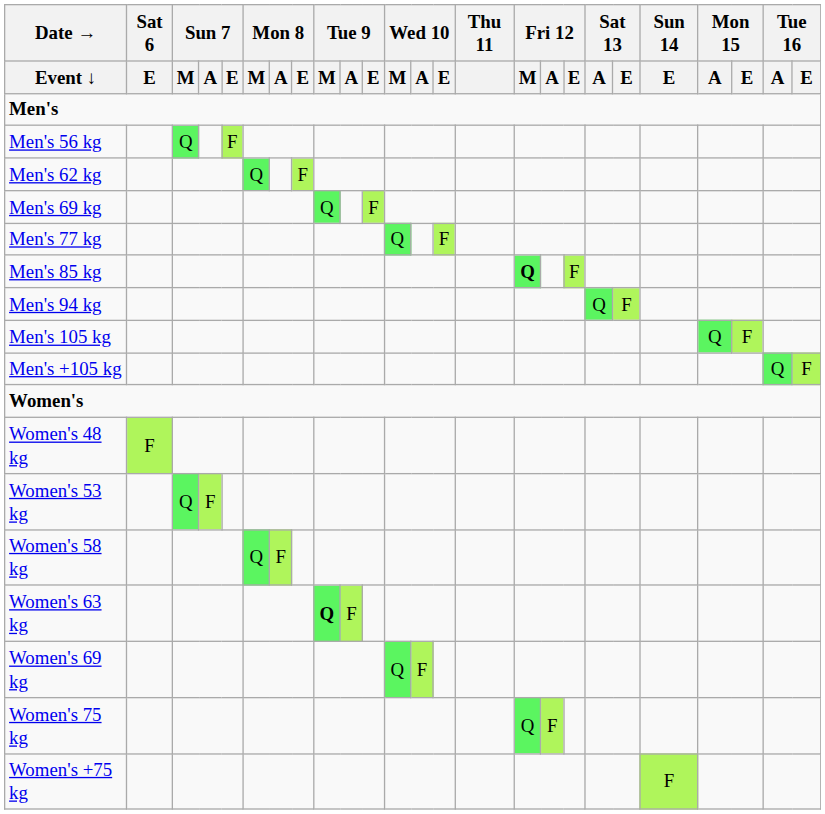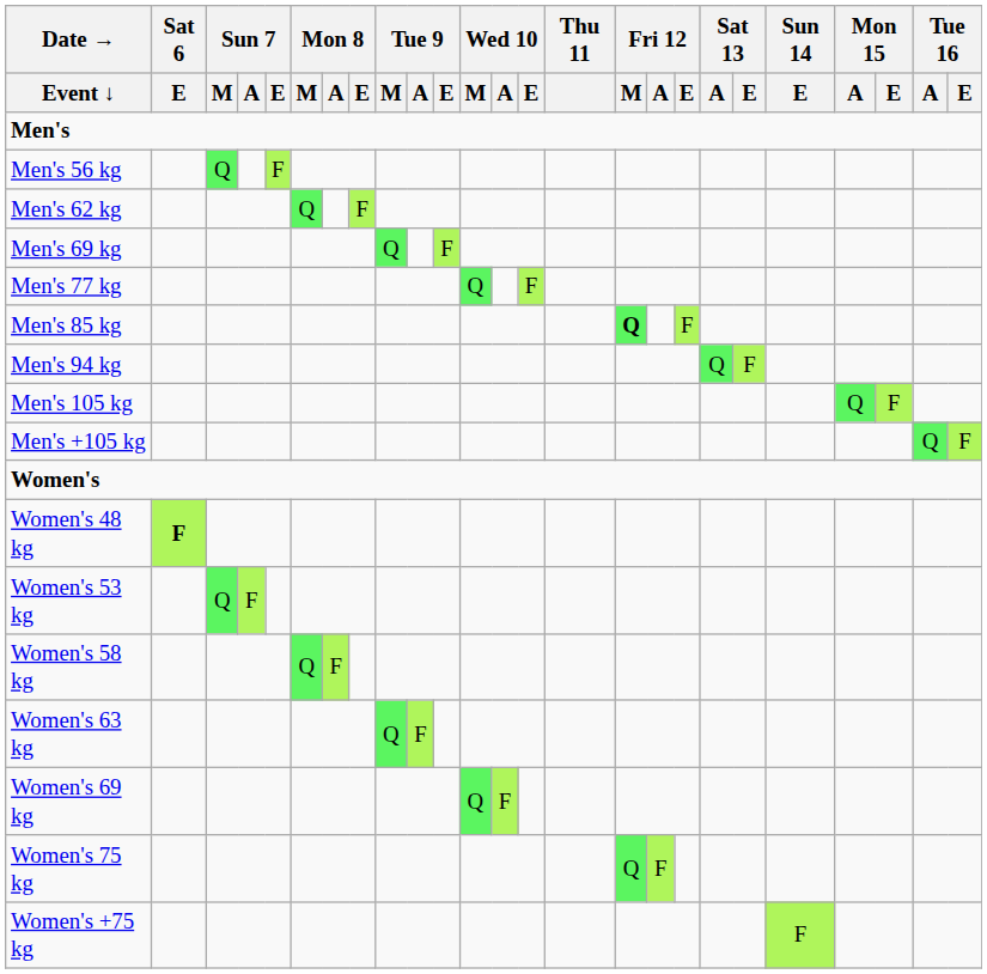 <table class="wikitable" style="margin:0.5em auto; font-size:90%; line-height:1.25em; text-align:center;">
 <tr>
 <th>Date →</th>
 <th>Sat 6</th>
 <th colspan="3">Sun 7</th>
 <th colspan="3">Mon 8</th>
 <th colspan="3">Tue 9</th>
 <th colspan="3">Wed 10</th>
 <th>Thu 11</th>
 <th colspan="3">Fri 12</th>
 <th colspan="2">Sat 13</th>
 <th>Sun 14</th>
 <th colspan="2">Mon 15</th>
 <th colspan="2">Tue 16</th>
 </tr>
 <tr>
 <th>Event   ↓</th>
 <th>E</th>
 <th>M</th>
 <th>A</th>
 <th>E</th>
 <th>M</th>
 <th>A</th>
 <th>E</th>
 <th>M</th>
 <th>A</th>
 <th>E</th>
 <th>M</th>
 <th>A</th>
 <th>E</th>
 <th></th>
 <th>M</th>
 <th>A</th>
 <th>E</th>
 <th>A</th>
 <th>E</th>
 <th>E</th>
 <th>A</th>
 <th>E</th>
 <th>A</th>
 <th>E</th>
 </tr>
 <tr>
 <td colspan="25" style="text-align:left;"><strong>Men's</strong></td>
 </tr>
 <tr>
 <td style="text-align:left;"><a href='#'>Men's 56 kg</a></td>
 <td></td>
 <td style="background-color:#5BF560;">Q</td>
 <td></td>
 <td style="background-color:#AFF55B;">F</td>
 <td colspan=3></td>
 <td colspan=3></td>
 <td colspan=3></td>
 <td></td>
 <td colspan="3"></td>
 <td colspan=2></td>
 <td></td>
 <td colspan=2></td>
 <td colspan=2></td>
 </tr>
 <tr>
 <td style="text-align:left;"><a href='#'>Men's 62 kg</a></td>
 <td></td>
 <td colspan=3></td>
 <td style="background-color:#5BF560;">Q</td>
 <td></td>
 <td style="background-color:#AFF55B;">F</td>
 <td colspan=3></td>
 <td colspan=3></td>
 <td></td>
 <td colspan="3"></td>
 <td colspan=2></td>
 <td></td>
 <td colspan=2></td>
 <td colspan=2></td>
 </tr>
 <tr>
 <td style="text-align:left;"><a href='#'>Men's 69 kg</a></td>
 <td></td>
 <td colspan=3></td>
 <td colspan=3></td>
 <td style="background-color:#5BF560;">Q</td>
 <td></td>
 <td style="background-color:#AFF55B;">F</td>
 <td colspan=3></td>
 <td></td>
 <td colspan="3"></td>
 <td colspan=2></td>
 <td></td>
 <td colspan=2></td>
 <td colspan=2></td>
 </tr>
 <tr>
 <td style="text-align:left;"><a href='#'>Men's 77 kg</a></td>
 <td></td>
 <td colspan=3></td>
 <td colspan=3></td>
 <td colspan=3></td>
 <td style="background-color:#5BF560;">Q</td>
 <td></td>
 <td style="background-color:#AFF55B;">F</td>
 <td></td>
 <td colspan="3"></td>
 <td colspan=2></td>
 <td></td>
 <td colspan=2></td>
 <td colspan=2></td>
 </tr>
 <tr>
 <td style="text-align:left;"><a href='#'>Men's 85 kg</a></td>
 <td></td>
 <td colspan=3></td>
 <td colspan=3></td>
 <td colspan=3></td>
 <td colspan=3></td>
 <td></td>
 <td style="background-color:#5BF560;"><strong>Q</strong></td>
 <td></td>
 <td style="background-color:#AFF55B;">F</td>
 <td colspan=2></td>
 <td></td>
 <td colspan=2></td>
 <td colspan=2></td>
 </tr>
 <tr>
 <td style="text-align:left;"><a href='#'>Men's 94 kg</a></td>
 <td></td>
 <td colspan=3></td>
 <td colspan=3></td>
 <td colspan=3></td>
 <td colspan=3></td>
 <td></td>
 <td colspan="3"></td>
 <td style="background-color:#5BF560;">Q</td>
 <td style="background-color:#AFF55B;">F</td>
 <td></td>
 <td colspan=2></td>
 <td colspan=2></td>
 </tr>
 <tr>
 <td style="text-align:left;"><a href='#'>Men's 105 kg</a></td>
 <td></td>
 <td colspan=3></td>
 <td colspan=3></td>
 <td colspan=3></td>
 <td colspan=3></td>
 <td></td>
 <td colspan="3"></td>
 <td colspan=2></td>
 <td></td>
 <td style="background-color:#5BF560;">Q</td>
 <td style="background-color:#AFF55B;">F</td>
 <td colspan=2></td>
 </tr>
 <tr>
 <td style="text-align:left;"><a href='#'>Men's +105 kg</a></td>
 <td></td>
 <td colspan=3></td>
 <td colspan=3></td>
 <td colspan=3></td>
 <td colspan=3></td>
 <td></td>
 <td colspan="3"></td>
 <td colspan=2></td>
 <td></td>
 <td colspan=2></td>
 <td style="background-color:#5BF560;">Q</td>
 <td style="background-color:#AFF55B;">F</td>
 </tr>
 <tr>
 <td colspan="25" style="text-align:left;"><strong>Women's</strong></td>
 </tr>
 <tr>
 <td style="text-align:left;"><a href='#'>Women's 48 kg</a></td>
-<td style="background-color:#AFF55B;">F</td>
+<td style="background-color:#AFF55B;"><strong>F</strong></td>
 <td colspan=3></td>
 <td colspan=3></td>
 <td colspan=3></td>
 <td colspan=3></td>
 <td></td>
 <td colspan="3"></td>
 <td colspan=2></td>
 <td></td>
 <td colspan=2></td>
 <td colspan=2></td>
 </tr>
 <tr>
 <td style="text-align:left;"><a href='#'>Women's 53 kg</a></td>
 <td></td>
 <td style="background-color:#5BF560;">Q</td>
 <td style="background-color:#AFF55B;">F</td>
 <td></td>
 <td colspan=3></td>
 <td colspan=3></td>
 <td colspan=3></td>
 <td></td>
 <td colspan="3"></td>
 <td colspan=2></td>
 <td></td>
 <td colspan=2></td>
 <td colspan=2></td>
 </tr>
 <tr>
 <td style="text-align:left;"><a href='#'>Women's 58 kg</a></td>
 <td></td>
 <td colspan=3></td>
 <td style="background-color:#5BF560;">Q</td>
 <td style="background-color:#AFF55B;">F</td>
 <td></td>
 <td colspan=3></td>
 <td colspan=3></td>
 <td></td>
 <td colspan="3"></td>
 <td colspan=2></td>
 <td></td>
 <td colspan=2></td>
 <td colspan=2></td>
 </tr>
 <tr>
 <td style="text-align:left;"><a href='#'>Women's 63 kg</a></td>
 <td></td>
 <td colspan=3></td>
 <td colspan=3></td>
-<td style="background-color:#5BF560;"><strong>Q</strong></td>
+<td style="background-color:#5BF560;">Q</td>
 <td style="background-color:#AFF55B;">F</td>
 <td></td>
 <td colspan=3></td>
 <td></td>
 <td colspan="3"></td>
 <td colspan=2></td>
 <td></td>
 <td colspan=2></td>
 <td colspan=2></td>
 </tr>
 <tr>
 <td style="text-align:left;"><a href='#'>Women's 69 kg</a></td>
 <td></td>
 <td colspan=3></td>
 <td colspan=3></td>
 <td colspan=3></td>
 <td style="background-color:#5BF560;">Q</td>
 <td style="background-color:#AFF55B;">F</td>
 <td></td>
 <td></td>
 <td colspan="3"></td>
 <td colspan=2></td>
 <td></td>
 <td colspan=2></td>
 <td colspan=2></td>
 </tr>
 <tr>
 <td style="text-align:left;"><a href='#'>Women's 75 kg</a></td>
 <td></td>
 <td colspan=3></td>
 <td colspan=3></td>
 <td colspan=3></td>
 <td colspan=3></td>
 <td></td>
 <td style="background-color:#5BF560;">Q</td>
 <td style="background-color:#AFF55B;">F</td>
 <td></td>
 <td colspan=2></td>
 <td></td>
 <td colspan=2></td>
 <td colspan=2></td>
 </tr>
 <tr>
 <td style="text-align:left;"><a href='#'>Women's +75 kg</a></td>
 <td></td>
 <td colspan=3></td>
 <td colspan=3></td>
 <td colspan=3></td>
 <td colspan=3></td>
 <td></td>
 <td colspan="3"></td>
 <td colspan=2></td>
 <td style="background-color:#AFF55B;">F</td>
 <td colspan=2></td>
 <td colspan=2></td>
 </tr>
 </table>
